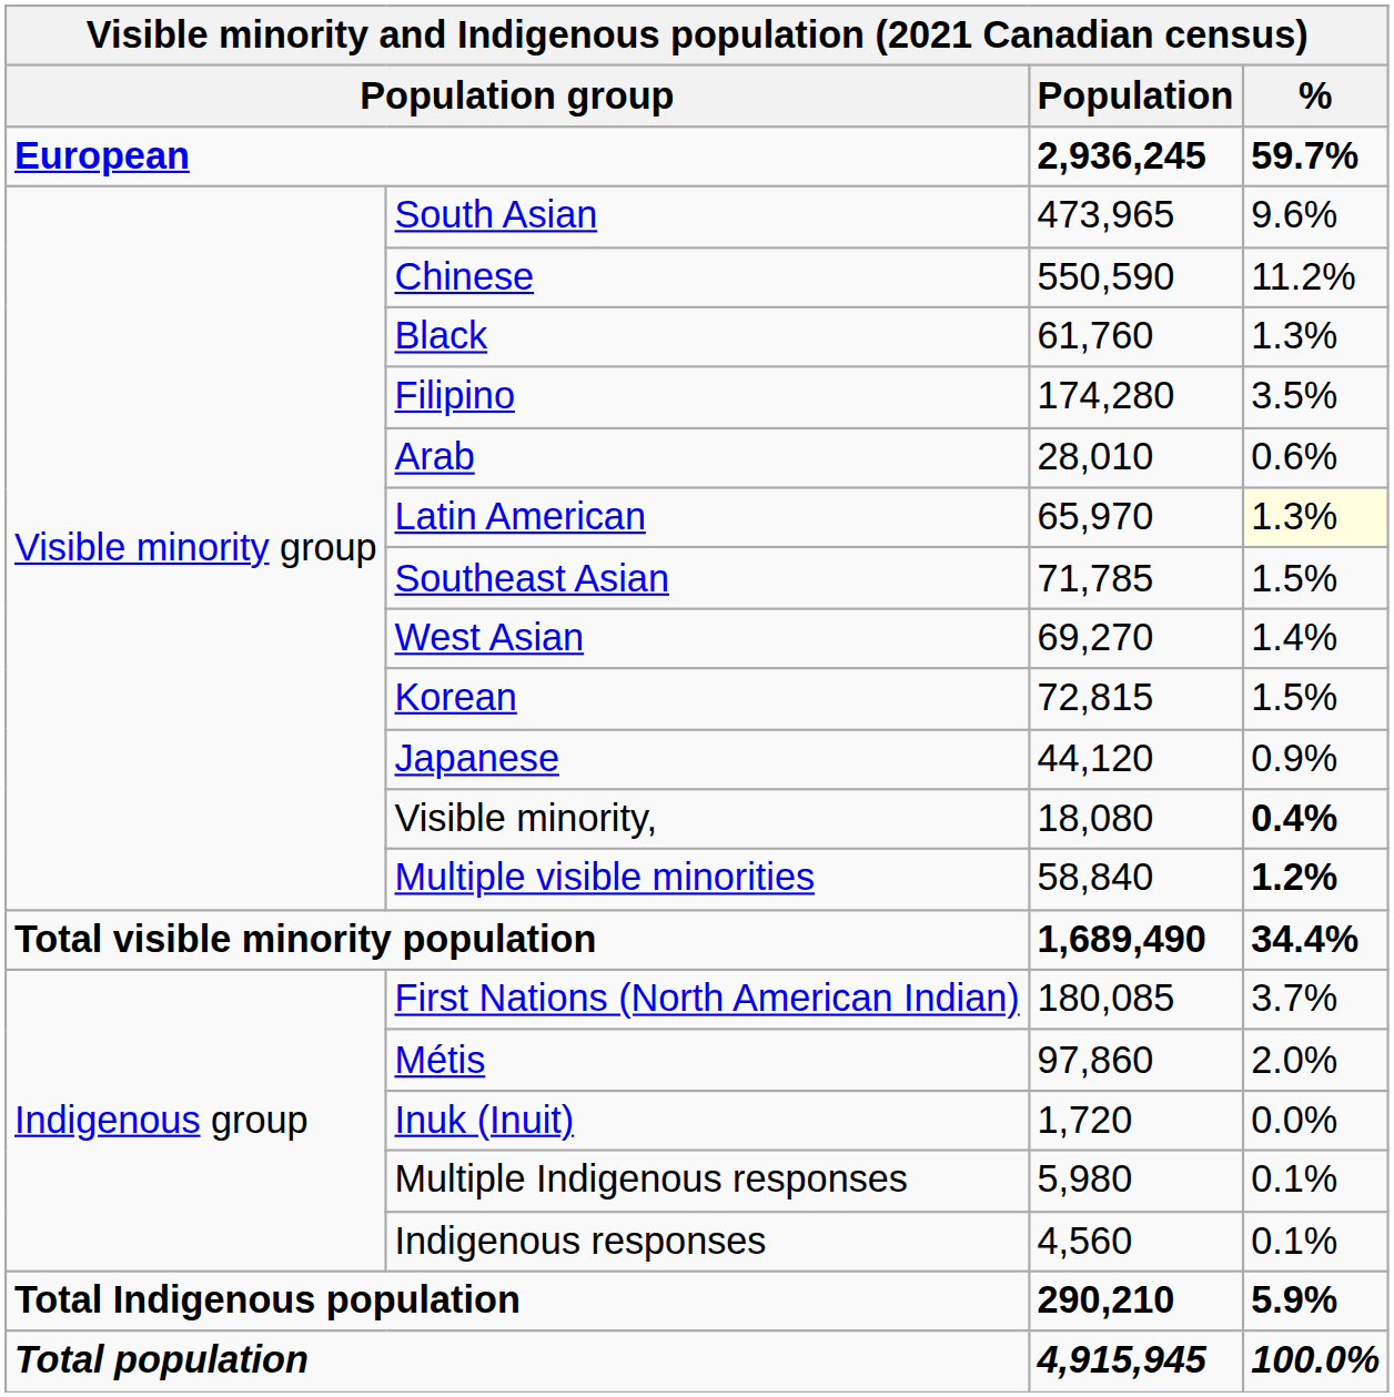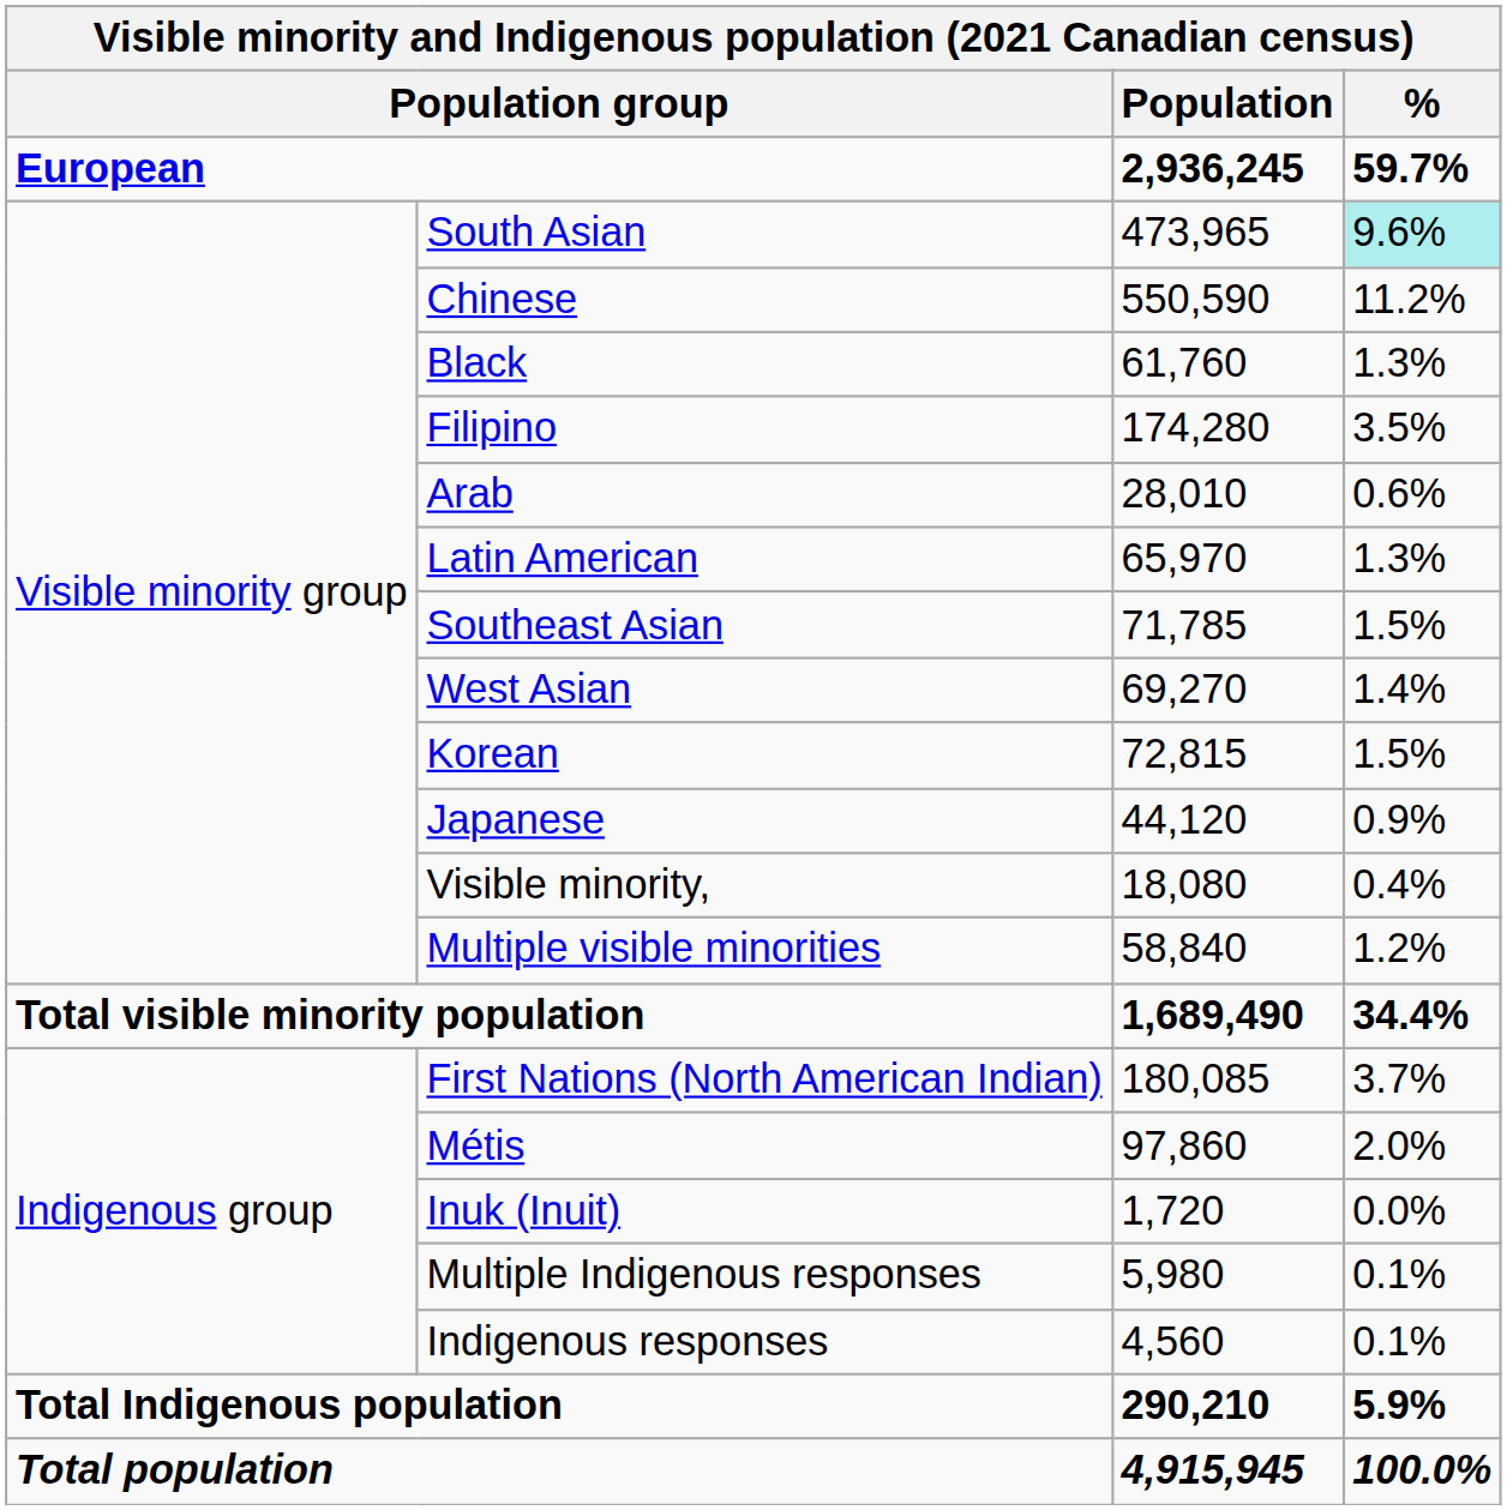 <table class="wikitable sortable">
 <tr>
 <th colspan=4>Visible minority and Indigenous population (2021 Canadian census)</th>
 </tr>
 <tr>
 <th colspan="2">Population group</th>
 <th>Population</th>
 <th>%</th>
 </tr>
 <tr>
 <td colspan="2"><strong><a href='#'>European</a></strong></td>
 <td><strong>2,936,245</strong></td>
 <td><strong>59.7%</strong></td>
 </tr>
 <tr>
 <td rowspan="12"><a href='#'>Visible minority</a> group<br></td>
 <td><a href='#'>South Asian</a></td>
 <td>473,965</td>
-<td>9.6%</td>
+<td style="background: paleturquoise;">9.6%</td>
 </tr>
 <tr>
 <td><a href='#'>Chinese</a></td>
 <td>550,590</td>
 <td>11.2%</td>
 </tr>
 <tr>
 <td><a href='#'>Black</a></td>
 <td>61,760</td>
 <td>1.3%</td>
 </tr>
 <tr>
 <td><a href='#'>Filipino</a></td>
 <td>174,280</td>
 <td>3.5%</td>
 </tr>
 <tr>
 <td><a href='#'>Arab</a></td>
 <td>28,010</td>
 <td>0.6%</td>
 </tr>
 <tr>
 <td><a href='#'>Latin American</a></td>
 <td>65,970</td>
-<td style="background: lightyellow;">1.3%</td>
+<td>1.3%</td>
 </tr>
 <tr>
 <td><a href='#'>Southeast Asian</a></td>
 <td>71,785</td>
 <td>1.5%</td>
 </tr>
 <tr>
 <td><a href='#'>West Asian</a></td>
 <td>69,270</td>
 <td>1.4%</td>
 </tr>
 <tr>
 <td><a href='#'>Korean</a></td>
 <td>72,815</td>
 <td>1.5%</td>
 </tr>
 <tr>
 <td><a href='#'>Japanese</a></td>
 <td>44,120</td>
 <td>0.9%</td>
 </tr>
 <tr>
 <td>Visible minority, </td>
 <td>18,080</td>
-<td><strong>0.4%</strong></td>
+<td>0.4%</td>
 </tr>
 <tr>
 <td><a href='#'>Multiple visible minorities</a></td>
 <td>58,840</td>
-<td><strong>1.2%</strong></td>
+<td>1.2%</td>
 </tr>
 <tr>
 <td colspan="2"><strong>Total visible minority population</strong></td>
 <td><strong>1,689,490</strong></td>
 <td><strong>34.4%</strong></td>
 </tr>
 <tr>
 <td rowspan="5"><a href='#'>Indigenous</a> group<br></td>
 <td><a href='#'>First Nations (North American Indian)</a></td>
 <td>180,085</td>
 <td>3.7%</td>
 </tr>
 <tr>
 <td><a href='#'>Métis</a></td>
 <td>97,860</td>
 <td>2.0%</td>
 </tr>
 <tr>
 <td><a href='#'>Inuk (Inuit)</a></td>
 <td>1,720</td>
 <td>0.0%</td>
 </tr>
 <tr>
 <td>Multiple Indigenous responses</td>
 <td>5,980</td>
 <td>0.1%</td>
 </tr>
 <tr>
 <td>Indigenous responses </td>
 <td>4,560</td>
 <td>0.1%</td>
 </tr>
 <tr>
 <td colspan="2"><strong>Total Indigenous population</strong></td>
 <td><strong>290,210</strong></td>
 <td><strong>5.9%</strong></td>
 </tr>
 <tr>
 <td colspan="2"><strong><em>Total population</em></strong></td>
 <td><strong><em>4,915,945</em></strong></td>
 <td><strong><em>100.0%</em></strong></td>
 </tr>
 </table>
